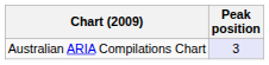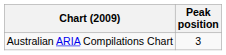 <table class="wikitable">
 <tr>
 <th align="left">Chart (2009)</th>
 <th align="left">Peak<br>position</th>
 </tr>
 <tr>
 <td align="left">Australian <a href='#'>ARIA</a> Compilations Chart</td>
-<td style="background: lavender; text-align:center;">3</td>
+<td style="text-align:center;">3</td>
 </tr>
 </table>
